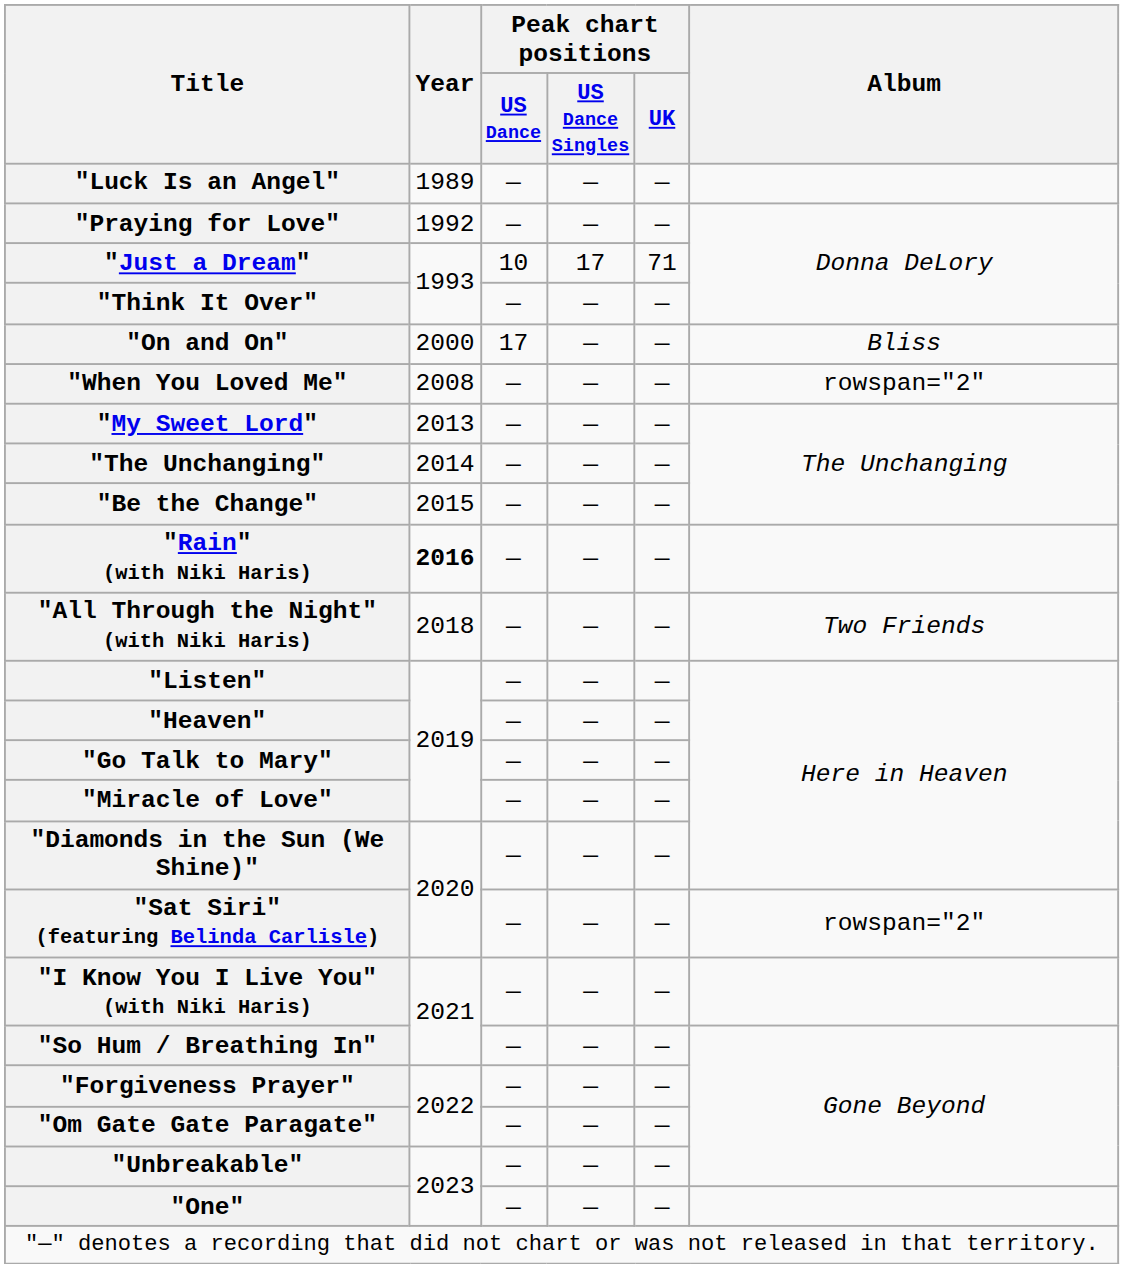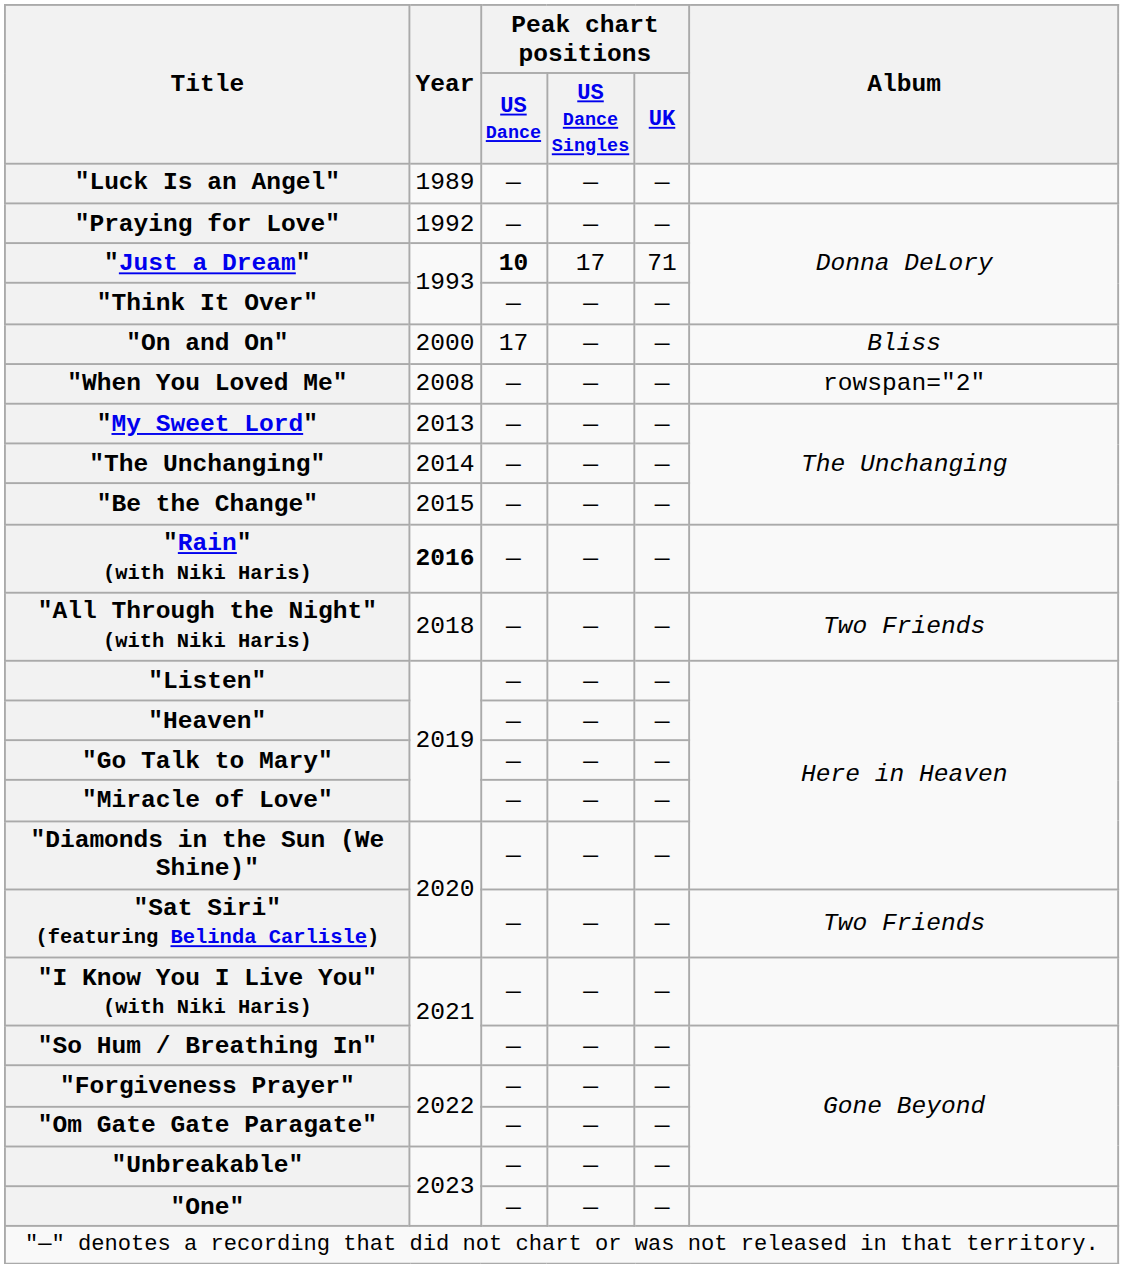 <table class="wikitable plainrowheaders" style="text-align:center">
 <tr>
 <th scope="col" rowspan="2" style="width:16em;">Title</th>
 <th scope="col" rowspan="2" style="width:1em;">Year</th>
 <th scope="col" colspan="3" style="width:3em;">Peak chart positions</th>
 <th scope="col" rowspan="2" style="width:17em;">Album</th>
 </tr>
 <tr>
 <th scope="col" style="width:2em;font-size:90%;"><a href='#'>US<br><small>Dance</small></a><br></th>
 <th scope="col" style="width:2em;font-size:90%;"><a href='#'>US<br><small>Dance<br>Singles</small></a><br></th>
 <th scope="col" style="width:2em;font-size:90%;"><a href='#'>UK</a><br></th>
 </tr>
 <tr>
 <th scope="row">"Luck Is an Angel"</th>
 <td>1989</td>
 <td>—</td>
 <td>—</td>
 <td>—</td>
 <td></td>
 </tr>
 <tr>
 <th scope="row">"Praying for Love"</th>
 <td>1992</td>
 <td>—</td>
 <td>—</td>
 <td>—</td>
 <td rowspan="3"><em>Donna DeLory</em></td>
 </tr>
 <tr>
 <th scope="row">"<a href='#'>Just a Dream</a>"</th>
 <td rowspan="2">1993</td>
-<td>10</td>
+<td><strong>10</strong></td>
 <td>17</td>
 <td>71</td>
 </tr>
 <tr>
 <th scope="row">"Think It Over"</th>
 <td>—</td>
 <td>—</td>
 <td>—</td>
 </tr>
 <tr>
 <th scope="row">"On and On"</th>
 <td>2000</td>
 <td>17</td>
 <td>—</td>
 <td>—</td>
 <td><em>Bliss</em></td>
 </tr>
 <tr>
 <th scope="row">"When You Loved Me"</th>
 <td>2008</td>
 <td>—</td>
 <td>—</td>
 <td>—</td>
 <td>rowspan="2" </td>
 </tr>
 <tr>
 <th scope="row">"<a href='#'>My Sweet Lord</a>"</th>
 <td>2013</td>
 <td>—</td>
 <td>—</td>
 <td>—</td>
 <td rowspan="3"><em>The Unchanging</em></td>
 </tr>
 <tr>
 <th scope="row">"The Unchanging"</th>
 <td>2014</td>
 <td>—</td>
 <td>—</td>
 <td>—</td>
 </tr>
 <tr>
 <th scope="row">"Be the Change"</th>
 <td>2015</td>
 <td>—</td>
 <td>—</td>
 <td>—</td>
 </tr>
 <tr>
 <th scope="row">"<a href='#'>Rain</a>"<br><small>(with Niki Haris)</small></th>
 <td><strong>2016</strong></td>
 <td>—</td>
 <td>—</td>
 <td>—</td>
 <td></td>
 </tr>
 <tr>
 <th scope="row">"All Through the Night"<br><small>(with Niki Haris)</small></th>
 <td>2018</td>
 <td>—</td>
 <td>—</td>
 <td>—</td>
 <td><em>Two Friends</em></td>
 </tr>
 <tr>
 <th scope="row">"Listen"</th>
 <td rowspan="4">2019</td>
 <td>—</td>
 <td>—</td>
 <td>—</td>
 <td rowspan="5"><em>Here in Heaven</em></td>
 </tr>
 <tr>
 <th scope="row">"Heaven"</th>
 <td>—</td>
 <td>—</td>
 <td>—</td>
 </tr>
 <tr>
 <th scope="row">"Go Talk to Mary"</th>
 <td>—</td>
 <td>—</td>
 <td>—</td>
 </tr>
 <tr>
 <th scope="row">"Miracle of Love"</th>
 <td>—</td>
 <td>—</td>
 <td>—</td>
 </tr>
 <tr>
 <th scope="row">"Diamonds in the Sun (We Shine)"</th>
 <td rowspan="2">2020</td>
 <td>—</td>
 <td>—</td>
 <td>—</td>
 </tr>
 <tr>
 <th scope="row">"Sat Siri"<br><small>(featuring <a href='#'>Belinda Carlisle</a>)</small></th>
 <td>—</td>
 <td>—</td>
 <td>—</td>
-<td>rowspan="2" </td>
+<td><em>Two Friends</em></td>
 </tr>
 <tr>
 <th scope="row">"I Know You I Live You"<br><small>(with Niki Haris)</small></th>
 <td rowspan="2">2021</td>
 <td>—</td>
 <td>—</td>
 <td>—</td>
 </tr>
 <tr>
 <th scope="row">"So Hum / Breathing In"</th>
 <td>—</td>
 <td>—</td>
 <td>—</td>
 <td rowspan="4"><em>Gone Beyond</em></td>
 </tr>
 <tr>
 <th scope="row">"Forgiveness Prayer"</th>
 <td rowspan="2">2022</td>
 <td>—</td>
 <td>—</td>
 <td>—</td>
 </tr>
 <tr>
 <th scope="row">"Om Gate Gate Paragate"</th>
 <td>—</td>
 <td>—</td>
 <td>—</td>
 </tr>
 <tr>
 <th scope="row">"Unbreakable"</th>
 <td rowspan="2">2023</td>
 <td>—</td>
 <td>—</td>
 <td>—</td>
 </tr>
 <tr>
 <th scope="row">"One"</th>
 <td>—</td>
 <td>—</td>
 <td>—</td>
 <td></td>
 </tr>
 <tr>
 <td colspan="6" style="font-size:90%">"—" denotes a recording that did not chart or was not released in that territory.</td>
 </tr>
 </table>
